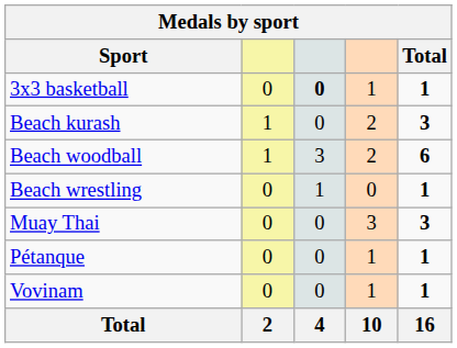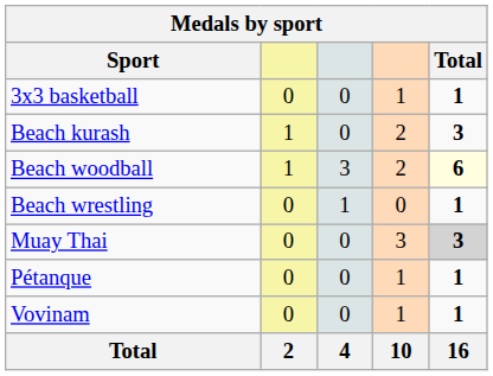 <table class="wikitable" style="font-size:90%; text-align:center;">
 <tr>
 <th colspan="5">Medals by sport</th>
 </tr>
 <tr>
 <th width="160">Sport</th>
 <th scope="col" width="30" style="background:#F7F6A8;"></th>
 <th scope="col" width="30" style="background:#DCE5E5;"></th>
 <th scope="col" width="30" style="background:#FFDAB9;"></th>
 <th width="30">Total</th>
 </tr>
 <tr>
 <td align="left"><a href='#'>3x3 basketball</a></td>
 <td style="background:#F7F6A8;">0</td>
-<td style="background:#DCE5E5;"><strong>0</strong></td>
+<td style="background:#DCE5E5;">0</td>
 <td style="background:#FFDAB9;">1</td>
 <td><strong>1</strong></td>
 </tr>
 <tr>
 <td align="left"><a href='#'>Beach kurash</a></td>
 <td style="background:#F7F6A8;">1</td>
 <td style="background:#DCE5E5;">0</td>
 <td style="background:#FFDAB9;">2</td>
 <td><strong>3</strong></td>
 </tr>
 <tr>
 <td align="left"><a href='#'>Beach woodball</a></td>
 <td style="background:#F7F6A8;">1</td>
 <td style="background:#DCE5E5;">3</td>
 <td style="background:#FFDAB9;">2</td>
-<td><strong>6</strong></td>
+<td style="background: lightyellow;"><strong>6</strong></td>
 </tr>
 <tr>
 <td align="left"><a href='#'>Beach wrestling</a></td>
 <td style="background:#F7F6A8;">0</td>
 <td style="background:#DCE5E5;">1</td>
 <td style="background:#FFDAB9;">0</td>
 <td><strong>1</strong></td>
 </tr>
 <tr>
 <td align="left"><a href='#'>Muay Thai</a></td>
 <td style="background:#F7F6A8;">0</td>
 <td style="background:#DCE5E5;">0</td>
 <td style="background:#FFDAB9;">3</td>
-<td><strong>3</strong></td>
+<td style="background: lightgrey;"><strong>3</strong></td>
 </tr>
 <tr>
 <td align="left"><a href='#'>Pétanque</a></td>
 <td style="background:#F7F6A8;">0</td>
 <td style="background:#DCE5E5;">0</td>
 <td style="background:#FFDAB9;">1</td>
 <td><strong>1</strong></td>
 </tr>
 <tr>
 <td align="left"><a href='#'>Vovinam</a></td>
 <td style="background:#F7F6A8;">0</td>
 <td style="background:#DCE5E5;">0</td>
 <td style="background:#FFDAB9;">1</td>
 <td><strong>1</strong></td>
 </tr>
 <tr class="sortbottom">
 <th>Total</th>
 <th>2</th>
 <th>4</th>
 <th>10</th>
 <th>16</th>
 </tr>
 </table>
